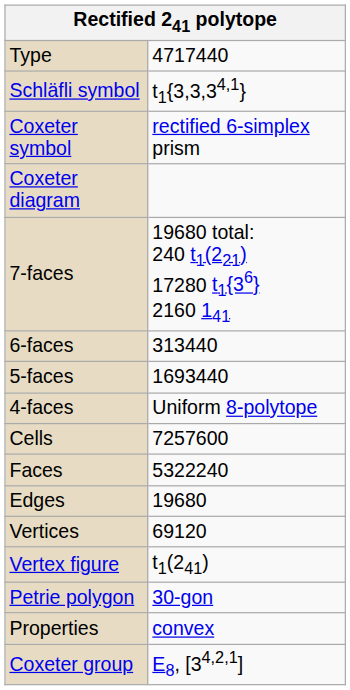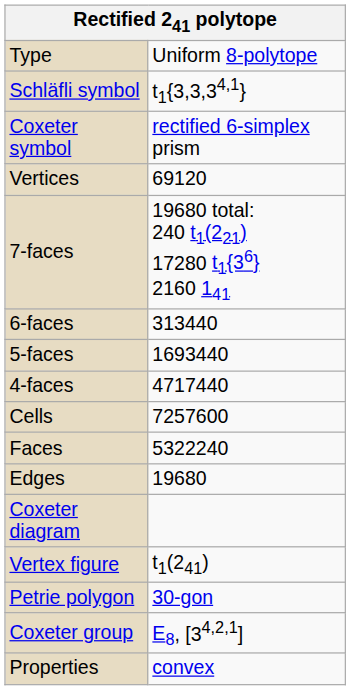 <table class="wikitable" align="right" style="margin-left:10px" width="280">
 <tr>
 <th bgcolor=#e7dcc3 colspan=2>Rectified 2<sub>41</sub> polytope</th>
 </tr>
 <tr>
 <td bgcolor=#e7dcc3>Type</td>
-<td>4717440</td>
+<td>Uniform <a href='#'>8-polytope</a></td>
 </tr>
 <tr>
 <td bgcolor=#e7dcc3><a href='#'>Schläfli symbol</a></td>
 <td>t<sub>1</sub>{3,3,3<sup>4,1</sup>}</td>
 </tr>
 <tr>
 <td bgcolor=#e7dcc3><a href='#'>Coxeter symbol</a></td>
 <td><a href='#'>rectified 6-simplex</a> prism</td>
 </tr>
 <tr>
-<td bgcolor=#e7dcc3><a href='#'>Coxeter diagram</a></td>
-<td></td>
+<td bgcolor=#e7dcc3>Vertices</td>
+<td>69120</td>
 </tr>
 <tr>
 <td bgcolor=#e7dcc3>7-faces</td>
 <td>19680 total:<br>240 <a href='#'>t<sub>1</sub>(2<sub>21</sub>)</a><br> 17280 <a href='#'>t<sub>1</sub>{3<sup>6</sup>}</a><br> 2160 <a href='#'>1<sub>41</sub></a></td>
 </tr>
 <tr>
 <td bgcolor=#e7dcc3>6-faces</td>
 <td>313440</td>
 </tr>
 <tr>
 <td bgcolor=#e7dcc3>5-faces</td>
 <td>1693440</td>
 </tr>
 <tr>
 <td bgcolor=#e7dcc3>4-faces</td>
-<td>Uniform <a href='#'>8-polytope</a></td>
+<td>4717440</td>
 </tr>
 <tr>
 <td bgcolor=#e7dcc3>Cells</td>
 <td>7257600</td>
 </tr>
 <tr>
 <td bgcolor=#e7dcc3>Faces</td>
 <td>5322240</td>
 </tr>
 <tr>
 <td bgcolor=#e7dcc3>Edges</td>
 <td>19680</td>
 </tr>
 <tr>
-<td bgcolor=#e7dcc3>Vertices</td>
-<td>69120</td>
+<td bgcolor=#e7dcc3><a href='#'>Coxeter diagram</a></td>
+<td></td>
 </tr>
 <tr>
 <td bgcolor=#e7dcc3><a href='#'>Vertex figure</a></td>
 <td>t<sub>1</sub>(2<sub>41</sub>)</td>
 </tr>
 <tr>
 <td bgcolor=#e7dcc3><a href='#'>Petrie polygon</a></td>
 <td><a href='#'>30-gon</a></td>
 </tr>
 <tr>
+<td bgcolor=#e7dcc3><a href='#'>Coxeter group</a></td>
+<td><a href='#'>E<sub>8</sub></a>, [3<sup>4,2,1</sup>]</td>
+</tr>
+<tr>
 <td bgcolor=#e7dcc3>Properties</td>
 <td><a href='#'>convex</a></td>
 </tr>
-<tr>
-<td bgcolor=#e7dcc3><a href='#'>Coxeter group</a></td>
-<td><a href='#'>E<sub>8</sub></a>, [3<sup>4,2,1</sup>]</td>
-</tr>
 </table>
